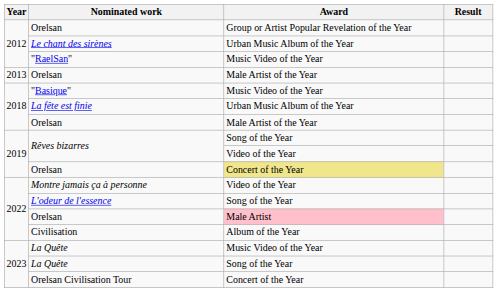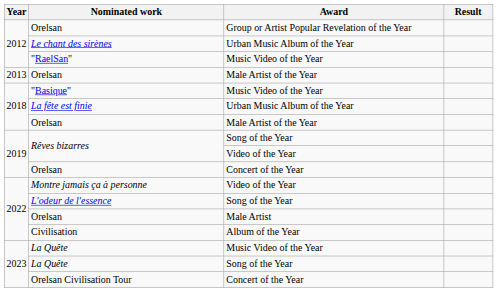 <table class="wikitable">
 <tr>
 <th width=5%>Year</th>
 <th width=40%>Nominated work</th>
 <th width=45%>Award</th>
 <th width=10%>Result</th>
 </tr>
 <tr>
 <td rowspan="3">2012</td>
 <td>Orelsan</td>
 <td>Group or Artist Popular Revelation of the Year</td>
 <td></td>
 </tr>
 <tr>
 <td><em><a href='#'>Le chant des sirènes</a></em></td>
 <td>Urban Music Album of the Year</td>
 <td></td>
 </tr>
 <tr>
 <td>"<a href='#'>RaelSan</a>"</td>
 <td>Music Video of the Year</td>
 <td></td>
 </tr>
 <tr>
 <td>2013</td>
 <td>Orelsan</td>
 <td>Male Artist of the Year</td>
 <td></td>
 </tr>
 <tr>
 <td rowspan="3">2018</td>
 <td>"<a href='#'>Basique</a>"</td>
 <td Music Video of the Year>Music Video of the Year</td>
 <td></td>
 </tr>
 <tr>
 <td><em><a href='#'>La fête est finie</a></em></td>
 <td Urban Music Album of the Year>Urban Music Album of the Year</td>
 <td></td>
 </tr>
 <tr>
 <td>Orelsan</td>
 <td Male Artist of the Year>Male Artist of the Year</td>
 <td></td>
 </tr>
 <tr>
 <td rowspan="3">2019</td>
 <td rowspan="2"><em>Rêves bizarres</em></td>
 <td>Song of the Year</td>
 <td></td>
 </tr>
 <tr>
 <td>Video of the Year</td>
 <td></td>
 </tr>
 <tr>
 <td>Orelsan</td>
-<td style="background: khaki;">Concert of the Year</td>
+<td>Concert of the Year</td>
 <td></td>
 </tr>
 <tr>
 <td rowspan="4">2022</td>
 <td><em>Montre jamais ça à personne</em></td>
 <td>Video of the Year</td>
 <td></td>
 </tr>
 <tr>
 <td><em><a href='#'>L'odeur de l'essence</a></em></td>
 <td>Song of the Year</td>
 <td></td>
 </tr>
 <tr>
 <td>Orelsan</td>
-<td style="background: pink;">Male Artist</td>
+<td>Male Artist</td>
 <td></td>
 </tr>
 <tr>
 <td>Civilisation</td>
 <td>Album of the Year</td>
 <td></td>
 </tr>
 <tr>
 <td rowspan="3">2023</td>
 <td><em>La Quête</em></td>
 <td>Music Video of the Year</td>
 <td></td>
 </tr>
 <tr>
 <td><em>La Quête</em></td>
 <td>Song of the Year</td>
 <td></td>
 </tr>
 <tr>
 <td>Orelsan Civilisation Tour</td>
 <td>Concert of the Year</td>
 <td></td>
 </tr>
 </table>
